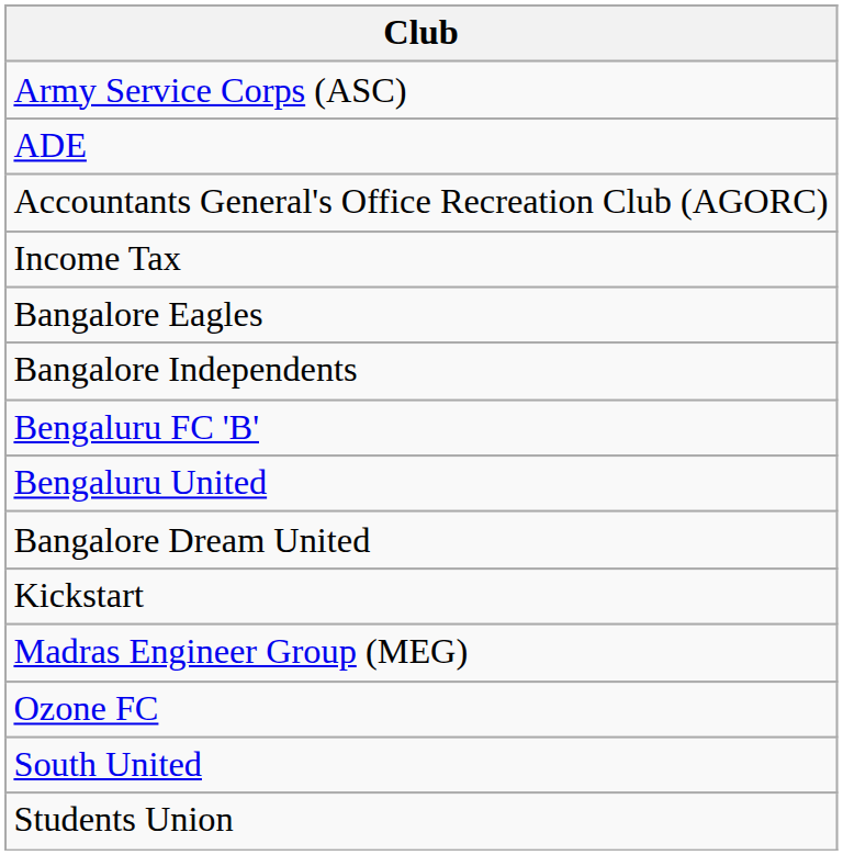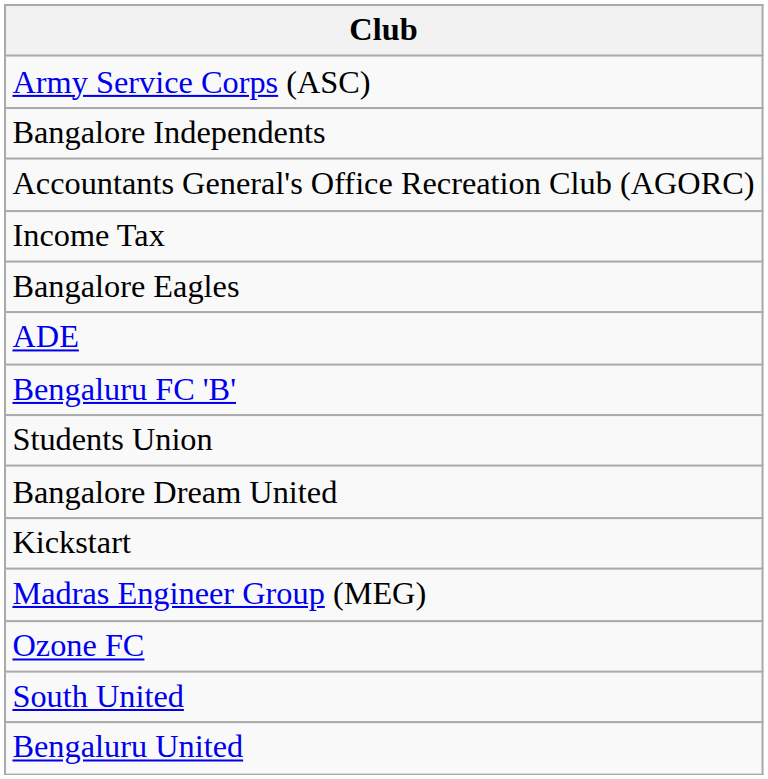 <table class="wikitable" style="text-align:center;">
 <tr>
 <th>Club</th>
 </tr>
 <tr>
 <td style="text-align:left;"><a href='#'>Army Service Corps</a> (ASC)</td>
 </tr>
 <tr>
-<td style="text-align:left;"><a href='#'>ADE</a></td>
+<td style="text-align:left;">Bangalore Independents</td>
 </tr>
 <tr>
 <td style="text-align:left;">Accountants General's Office Recreation Club (AGORC)</td>
 </tr>
 <tr>
 <td style="text-align:left;">Income Tax</td>
 </tr>
 <tr>
 <td style="text-align:left;">Bangalore Eagles</td>
 </tr>
 <tr>
-<td style="text-align:left;">Bangalore Independents</td>
+<td style="text-align:left;"><a href='#'>ADE</a></td>
 </tr>
 <tr>
 <td style="text-align:left;"><a href='#'>Bengaluru FC 'B'</a></td>
 </tr>
 <tr>
-<td style="text-align:left;"><a href='#'>Bengaluru United</a></td>
+<td style="text-align:left;">Students Union</td>
 </tr>
 <tr>
 <td style="text-align:left;">Bangalore Dream United</td>
 </tr>
 <tr>
 <td style="text-align:left;">Kickstart</td>
 </tr>
 <tr>
 <td style="text-align:left;"><a href='#'>Madras Engineer Group</a> (MEG)</td>
 </tr>
 <tr>
 <td style="text-align:left;"><a href='#'>Ozone FC</a></td>
 </tr>
 <tr>
 <td style="text-align:left;"><a href='#'>South United</a></td>
 </tr>
 <tr>
-<td style="text-align:left;">Students Union</td>
+<td style="text-align:left;"><a href='#'>Bengaluru United</a></td>
 </tr>
 </table>
